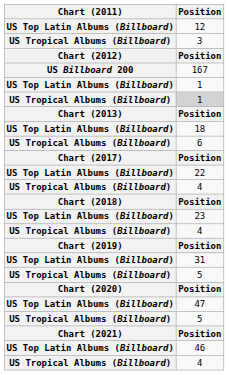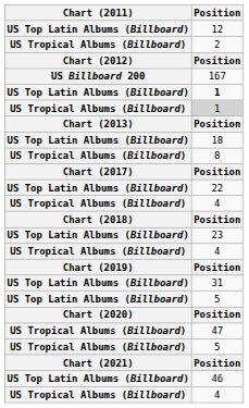 <table class="wikitable sortable plainrowheaders" style="text-align:center">
 <tr>
 <th align="left">Chart (2011)</th>
 <th align="left">Position</th>
 </tr>
 <tr>
 <th scope="row">US Top Latin Albums (<em>Billboard</em>)</th>
 <td align="center">12</td>
 </tr>
 <tr>
 <th scope="row">US Tropical Albums (<em>Billboard</em>)</th>
-<td align="center">3</td>
+<td align="center">2</td>
 </tr>
 <tr>
 <th align="left">Chart (2012)</th>
 <th align="left">Position</th>
 </tr>
 <tr>
 <th scope="row">US <em>Billboard</em> 200</th>
 <td style="text-align:center;">167</td>
 </tr>
 <tr>
 <th scope="row">US Top Latin Albums (<em>Billboard</em>)</th>
-<td align="center">1</td>
+<td align="center"><strong>1</strong></td>
 </tr>
 <tr>
 <th scope="row">US Tropical Albums (<em>Billboard</em>)</th>
 <td align="center" style="background: lightgrey;">1</td>
 </tr>
 <tr>
 <th align="left">Chart (2013)</th>
 <th align="left">Position</th>
 </tr>
 <tr>
 <th scope="row">US Top Latin Albums (<em>Billboard</em>)</th>
 <td align="center">18</td>
 </tr>
 <tr>
 <th scope="row">US Tropical Albums (<em>Billboard</em>)</th>
-<td align="center">6</td>
+<td align="center">8</td>
 </tr>
 <tr>
 <th align="left">Chart (2017)</th>
 <th align="left">Position</th>
 </tr>
 <tr>
 <th scope="row">US Top Latin Albums (<em>Billboard</em>)</th>
 <td align="center">22</td>
 </tr>
 <tr>
 <th scope="row">US Tropical Albums (<em>Billboard</em>)</th>
 <td align="center">4</td>
 </tr>
 <tr>
 <th align="left">Chart (2018)</th>
 <th align="left">Position</th>
 </tr>
 <tr>
 <th scope="row">US Top Latin Albums (<em>Billboard</em>)</th>
 <td align="center">23</td>
 </tr>
 <tr>
 <th scope="row">US Tropical Albums (<em>Billboard</em>)</th>
 <td align="center">4</td>
 </tr>
 <tr>
 <th align="left">Chart (2019)</th>
 <th align="left">Position</th>
 </tr>
 <tr>
 <th scope="row">US Top Latin Albums (<em>Billboard</em>)</th>
 <td align="center">31</td>
 </tr>
 <tr>
-<th scope="row">US Tropical Albums (<em>Billboard</em>)</th>
+<th scope="row">US Top Latin Albums (<em>Billboard</em>)</th>
 <td align="center">5</td>
 </tr>
 <tr>
 <th align="left">Chart (2020)</th>
 <th align="left">Position</th>
 </tr>
 <tr>
-<th scope="row">US Top Latin Albums (<em>Billboard</em>)</th>
+<th scope="row">US Tropical Albums (<em>Billboard</em>)</th>
 <td align="center">47</td>
 </tr>
 <tr>
 <th scope="row">US Tropical Albums (<em>Billboard</em>)</th>
 <td align="center">5</td>
 </tr>
 <tr>
 <th align="left">Chart (2021)</th>
 <th align="left">Position</th>
 </tr>
 <tr>
 <th scope="row">US Top Latin Albums (<em>Billboard</em>)</th>
 <td align="center">46</td>
 </tr>
 <tr>
 <th scope="row">US Tropical Albums (<em>Billboard</em>)</th>
 <td align="center">4</td>
 </tr>
 </table>
